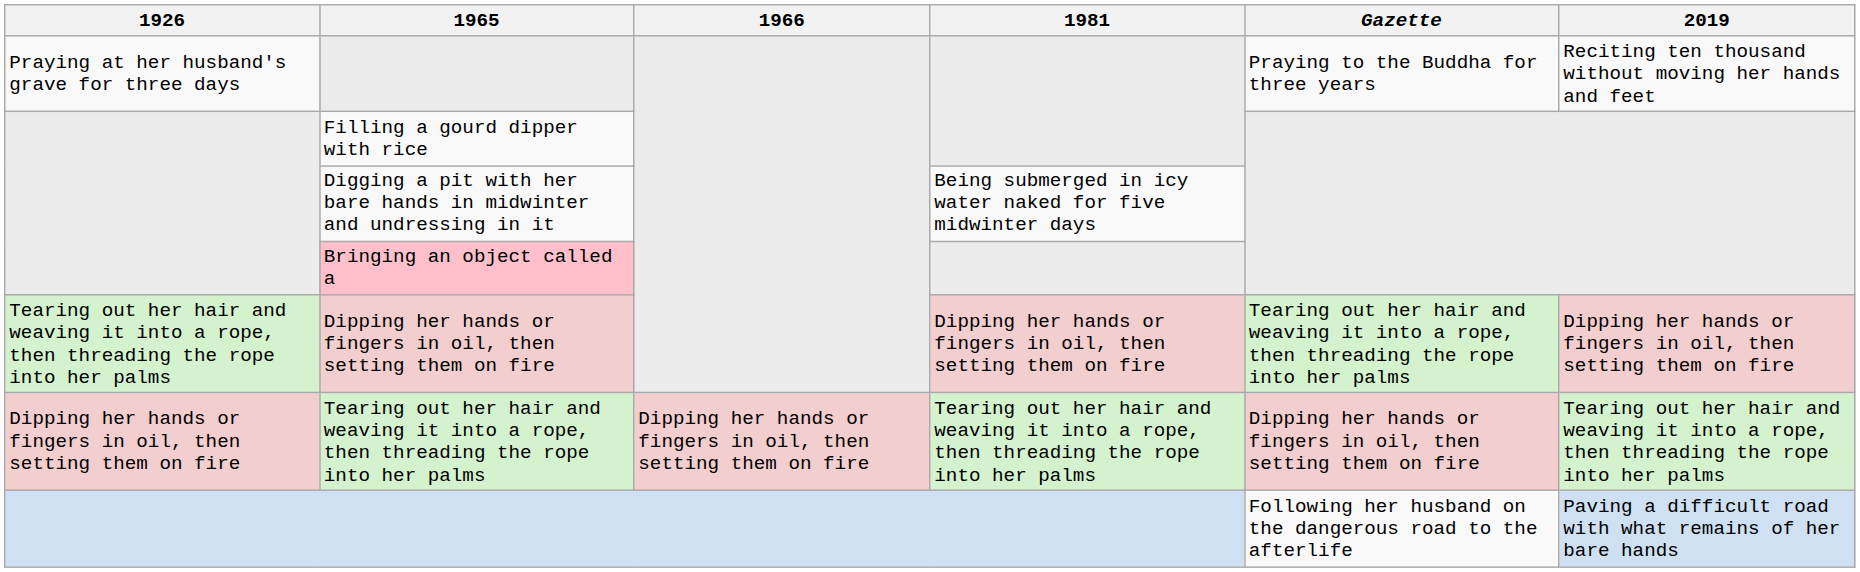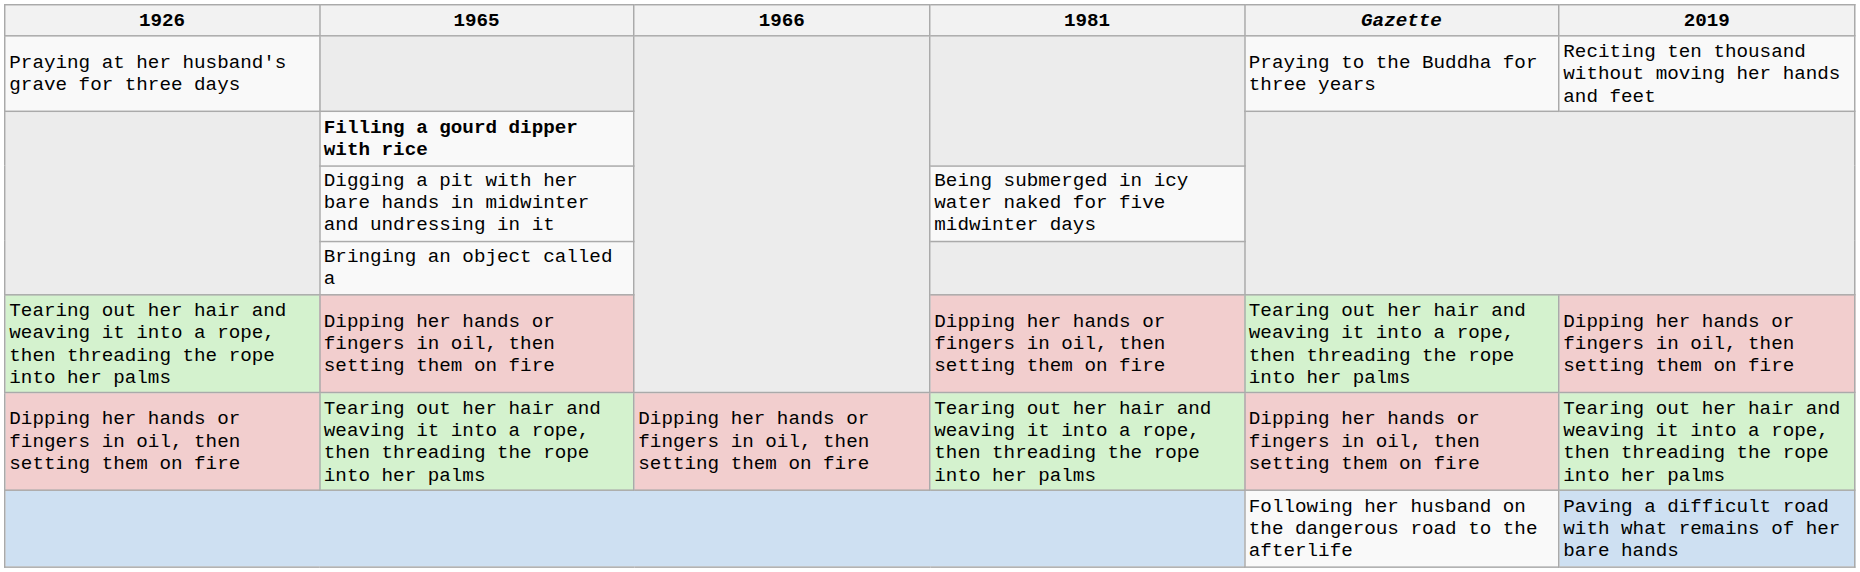 <table class="wikitable">
 <tr>
 <th width="17%">1926</th>
 <th width="17%">1965</th>
 <th width="16%">1966</th>
 <th width="17%">1981</th>
 <th width="17%"><em>Gazette</em></th>
 <th>2019</th>
 </tr>
 <tr>
 <td>Praying at her husband's grave for three days</td>
 <td style="background:#ececec"></td>
 <td rowspan="5"; style="background:#ececec"></td>
 <td rowspan="2"; style="background:#ececec"></td>
 <td>Praying to the Buddha for three years</td>
 <td>Reciting ten thousand  without moving her hands and feet</td>
 </tr>
 <tr>
 <td rowspan="3"; style="background:#ececec"></td>
-<td>Filling a gourd dipper with rice</td>
+<td><strong>Filling a gourd dipper with rice</strong></td>
 <td rowspan="3"; colspan="2"; style="background:#ececec"></td>
 </tr>
 <tr>
 <td>Digging a pit with her bare hands in midwinter and undressing in it</td>
 <td>Being submerged in icy water naked for five midwinter days</td>
 </tr>
 <tr>
-<td style="background: pink;">Bringing an object called a </td>
+<td>Bringing an object called a </td>
 <td style="background:#ececec"></td>
 </tr>
 <tr>
 <td style="background:#D4F2CE">Tearing out her hair and weaving it into a rope, then threading the rope into her palms</td>
 <td style="background:#F2CECE">Dipping her hands or fingers in oil, then setting them on fire</td>
 <td style="background:#F2CECE">Dipping her hands or fingers in oil, then setting them on fire</td>
 <td style="background:#D4F2CE">Tearing out her hair and weaving it into a rope, then threading the rope into her palms</td>
 <td style="background:#F2CECE">Dipping her hands or fingers in oil, then setting them on fire</td>
 </tr>
 <tr>
 <td style="background:#F2CECE">Dipping her hands or fingers in oil, then setting them on fire</td>
 <td style="background:#D4F2CE">Tearing out her hair and weaving it into a rope, then threading the rope into her palms</td>
 <td style="background:#F2CECE">Dipping her hands or fingers in oil, then setting them on fire</td>
 <td style="background:#D4F2CE">Tearing out her hair and weaving it into a rope, then threading the rope into her palms</td>
 <td style="background:#F2CECE">Dipping her hands or fingers in oil, then setting them on fire</td>
 <td style="background:#D4F2CE">Tearing out her hair and weaving it into a rope, then threading the rope into her palms</td>
 </tr>
 <tr>
 <td colspan="4"; style="background:#CEE0F2"></td>
 <td>Following her husband on the dangerous road to the afterlife</td>
 <td style="background:#CEE0F2">Paving a difficult road with what remains of her bare hands</td>
 </tr>
 </table>
